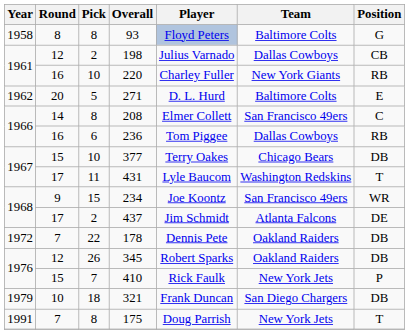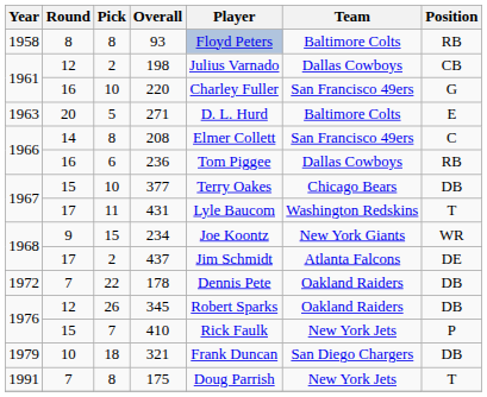 <table class="wikitable sortable" style="text-align: center;">
 <tr>
 <th>Year</th>
 <th>Round</th>
 <th>Pick</th>
 <th>Overall</th>
 <th>Player</th>
 <th>Team</th>
 <th>Position</th>
 </tr>
 <tr>
 <td>1958</td>
 <td>8</td>
 <td>8</td>
 <td>93</td>
 <td style="background-color:lightsteelblue"><a href='#'>Floyd Peters</a></td>
 <td><a href='#'>Baltimore Colts</a></td>
-<td>G</td>
+<td>RB</td>
 </tr>
 <tr>
 <td rowspan="2">1961</td>
 <td>12</td>
 <td>2</td>
 <td>198</td>
 <td><a href='#'>Julius Varnado</a></td>
 <td><a href='#'>Dallas Cowboys</a></td>
 <td>CB</td>
 </tr>
 <tr>
 <td>16</td>
 <td>10</td>
 <td>220</td>
 <td><a href='#'>Charley Fuller</a></td>
-<td><a href='#'>New York Giants</a></td>
-<td>RB</td>
+<td><a href='#'>San Francisco 49ers</a></td>
+<td>G</td>
 </tr>
 <tr>
-<td>1962</td>
+<td>1963</td>
 <td>20</td>
 <td>5</td>
 <td>271</td>
 <td><a href='#'>D. L. Hurd</a></td>
 <td><a href='#'>Baltimore Colts</a></td>
 <td>E</td>
 </tr>
 <tr>
 <td rowspan="2">1966</td>
 <td>14</td>
 <td>8</td>
 <td>208</td>
 <td><a href='#'>Elmer Collett</a></td>
 <td><a href='#'>San Francisco 49ers</a></td>
 <td>C</td>
 </tr>
 <tr>
 <td>16</td>
 <td>6</td>
 <td>236</td>
 <td><a href='#'>Tom Piggee</a></td>
 <td><a href='#'>Dallas Cowboys</a></td>
 <td>RB</td>
 </tr>
 <tr>
 <td rowspan="2">1967</td>
 <td>15</td>
 <td>10</td>
 <td>377</td>
 <td><a href='#'>Terry Oakes</a></td>
 <td><a href='#'>Chicago Bears</a></td>
 <td>DB</td>
 </tr>
 <tr>
 <td>17</td>
 <td>11</td>
 <td>431</td>
 <td><a href='#'>Lyle Baucom</a></td>
 <td><a href='#'>Washington Redskins</a></td>
 <td>T</td>
 </tr>
 <tr>
 <td rowspan="2">1968</td>
 <td>9</td>
 <td>15</td>
 <td>234</td>
 <td><a href='#'>Joe Koontz</a></td>
-<td><a href='#'>San Francisco 49ers</a></td>
+<td><a href='#'>New York Giants</a></td>
 <td>WR</td>
 </tr>
 <tr>
 <td>17</td>
 <td>2</td>
 <td>437</td>
 <td><a href='#'>Jim Schmidt</a></td>
 <td><a href='#'>Atlanta Falcons</a></td>
 <td>DE</td>
 </tr>
 <tr>
 <td>1972</td>
 <td>7</td>
 <td>22</td>
 <td>178</td>
 <td><a href='#'>Dennis Pete</a></td>
 <td><a href='#'>Oakland Raiders</a></td>
 <td>DB</td>
 </tr>
 <tr>
 <td rowspan="2">1976</td>
 <td>12</td>
 <td>26</td>
 <td>345</td>
 <td><a href='#'>Robert Sparks</a></td>
 <td><a href='#'>Oakland Raiders</a></td>
 <td>DB</td>
 </tr>
 <tr>
 <td>15</td>
 <td>7</td>
 <td>410</td>
 <td><a href='#'>Rick Faulk</a></td>
 <td><a href='#'>New York Jets</a></td>
 <td>P</td>
 </tr>
 <tr>
 <td>1979</td>
 <td>10</td>
 <td>18</td>
 <td>321</td>
 <td><a href='#'>Frank Duncan</a></td>
 <td><a href='#'>San Diego Chargers</a></td>
 <td>DB</td>
 </tr>
 <tr>
 <td>1991</td>
 <td>7</td>
 <td>8</td>
 <td>175</td>
 <td><a href='#'>Doug Parrish</a></td>
 <td><a href='#'>New York Jets</a></td>
 <td>T</td>
 </tr>
 <tr>
 </tr>
 </table>
